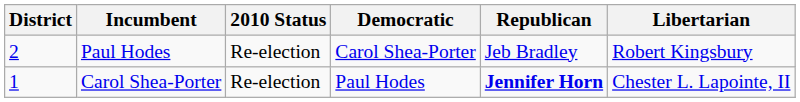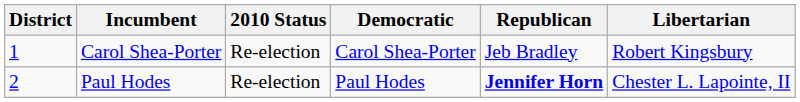 <table class="wikitable">
 <tr>
 <th>District</th>
 <th>Incumbent</th>
 <th>2010 Status</th>
 <th>Democratic</th>
 <th>Republican</th>
 <th>Libertarian</th>
 </tr>
 <tr>
-<td><a href='#'>2</a></td>
-<td><a href='#'>Paul Hodes</a></td>
+<td><a href='#'>1</a></td>
+<td><a href='#'>Carol Shea-Porter</a></td>
 <td>Re-election</td>
 <td><a href='#'>Carol Shea-Porter</a></td>
 <td><a href='#'>Jeb Bradley</a></td>
 <td><a href='#'>Robert Kingsbury</a></td>
 </tr>
 <tr>
-<td><a href='#'>1</a></td>
-<td><a href='#'>Carol Shea-Porter</a></td>
+<td><a href='#'>2</a></td>
+<td><a href='#'>Paul Hodes</a></td>
 <td>Re-election</td>
 <td><a href='#'>Paul Hodes</a></td>
 <td><strong><a href='#'>Jennifer Horn</a></strong></td>
 <td><a href='#'>Chester L. Lapointe, II</a></td>
 </tr>
 </table>
